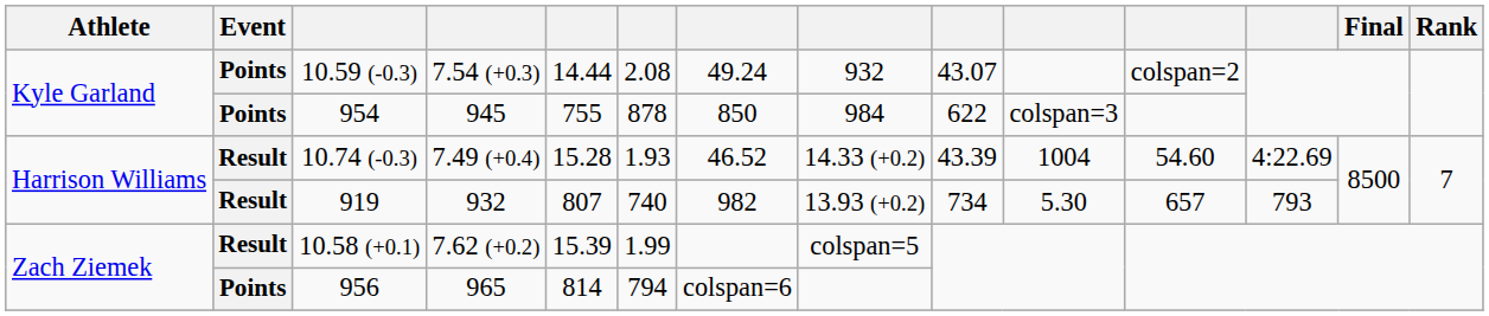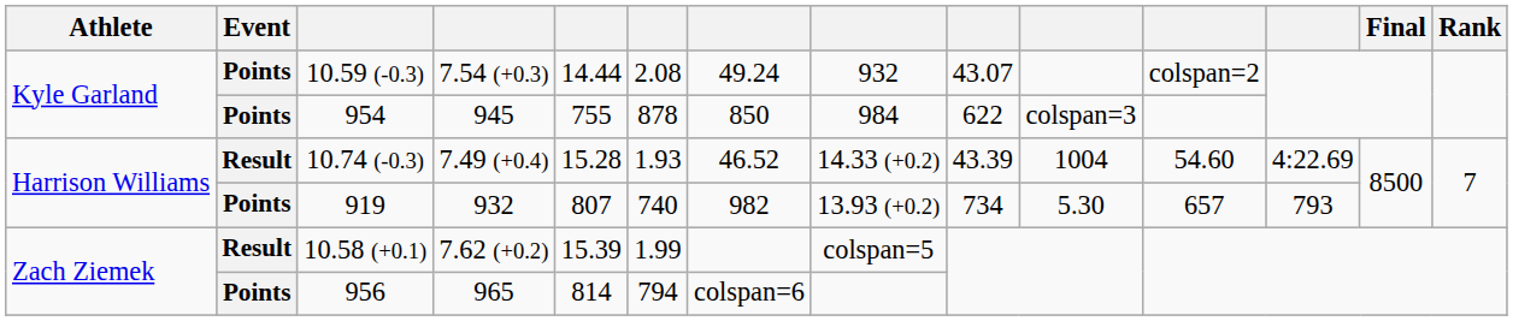 <table class="wikitable" style="font-size:90%">
 <tr>
 <th>Athlete</th>
 <th>Event</th>
 <th></th>
 <th></th>
 <th></th>
 <th></th>
 <th></th>
 <th></th>
 <th></th>
 <th></th>
 <th></th>
 <th></th>
 <th>Final</th>
 <th>Rank</th>
 </tr>
 <tr align="center">
 <td rowspan="2" style="text-align:left"><a href='#'>Kyle Garland</a></td>
 <th style="font-size:95%">Points</th>
 <td>10.59 <small>(-0.3)</small></td>
 <td>7.54 <small>(+0.3)</small></td>
 <td>14.44</td>
 <td>2.08</td>
 <td>49.24</td>
 <td>932</td>
 <td>43.07</td>
 <td><strong></strong></td>
 <td>colspan=2 </td>
 <td colspan=2 rowspan=2><strong></strong></td>
 </tr>
 <tr align="center">
 <th style="font-size:95%">Points</th>
 <td>954</td>
 <td>945</td>
 <td>755</td>
 <td>878</td>
 <td>850</td>
 <td>984</td>
 <td>622</td>
 <td>colspan=3 </td>
 </tr>
 <tr align="center">
 <td rowspan="2" style="text-align:left"><a href='#'>Harrison Williams</a></td>
 <th style="font-size:95%">Result</th>
 <td>10.74 <small>(-0.3)</small></td>
 <td>7.49 <small>(+0.4)</small></td>
 <td>15.28</td>
 <td>1.93</td>
 <td>46.52</td>
 <td>14.33 <small>(+0.2)</small></td>
 <td>43.39</td>
 <td>1004</td>
 <td>54.60</td>
 <td>4:22.69 <strong></strong></td>
 <td rowspan="2">8500</td>
 <td rowspan="2">7</td>
 </tr>
 <tr align="center">
-<th style="font-size:95%">Result</th>
+<th style="font-size:95%">Points</th>
 <td>919</td>
 <td>932</td>
 <td>807</td>
 <td>740</td>
 <td>982</td>
 <td>13.93 <small>(+0.2)</small></td>
 <td>734</td>
 <td>5.30</td>
 <td>657</td>
 <td>793</td>
 </tr>
 <tr align="center">
 <td rowspan="2" style="text-align:left"><a href='#'>Zach Ziemek</a></td>
 <th style="font-size:95%">Result</th>
 <td>10.58 <strong></strong> <small>(+0.1)</small></td>
 <td>7.62 <strong></strong> <small>(+0.2)</small></td>
 <td>15.39</td>
 <td>1.99</td>
 <td><strong></strong></td>
 <td>colspan=5 </td>
 <td colspan=2 rowspan=2><strong></strong></td>
 </tr>
 <tr align="center">
 <th style="font-size:95%">Points</th>
 <td>956</td>
 <td>965</td>
 <td>814</td>
 <td>794</td>
 <td>colspan=6 </td>
 </tr>
 </table>
